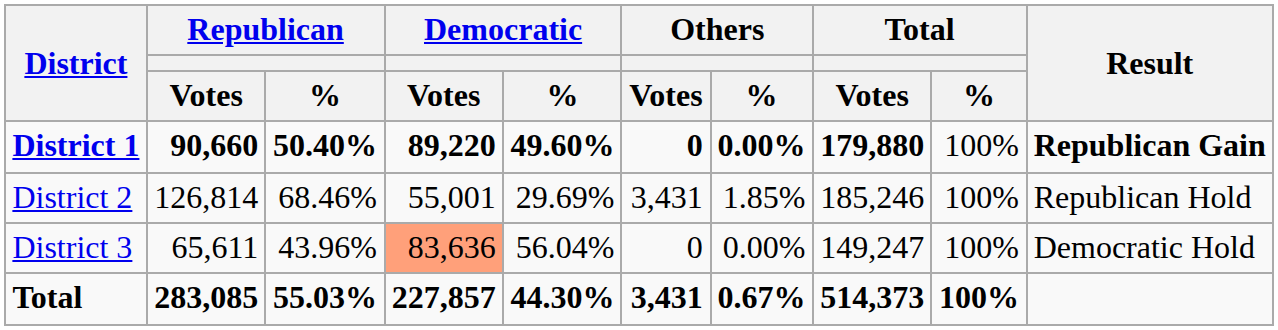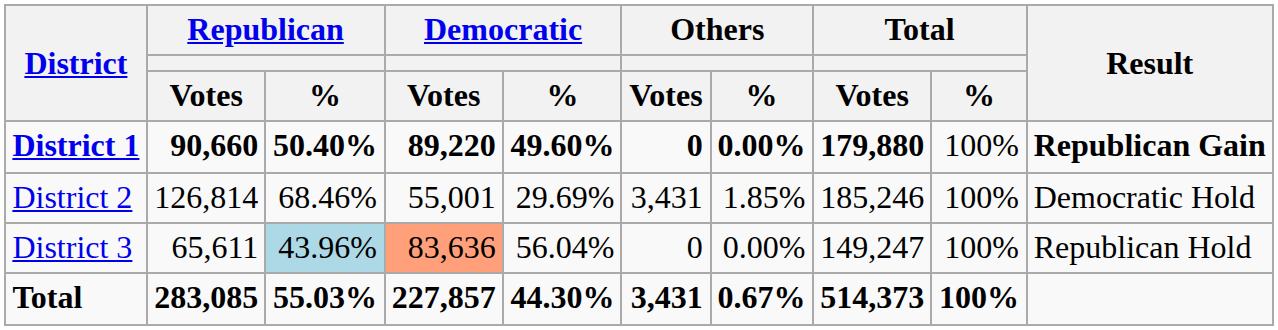 <table class="wikitable plainrowheaders sortable" style="font-size:100%; text-align:right;">
 <tr>
 <th scope=col rowspan=3><a href='#'>District</a></th>
 <th scope=col colspan=2><a href='#'>Republican</a></th>
 <th scope=col colspan=2><a href='#'>Democratic</a></th>
 <th scope=col colspan=2>Others</th>
 <th scope=col colspan=2>Total</th>
 <th scope=col rowspan=3>Result</th>
 </tr>
 <tr>
 <th scope=col colspan=2 style="background:"></th>
 <th scope=col colspan=2 style="background:"></th>
 <th scope=col colspan=2></th>
 <th scope=col colspan=2></th>
 </tr>
 <tr>
 <th scope=col data-sort-type="number">Votes</th>
 <th scope=col data-sort-type="number">%</th>
 <th scope=col data-sort-type="number">Votes</th>
 <th scope=col data-sort-type="number">%</th>
 <th scope=col data-sort-type="number">Votes</th>
 <th scope=col data-sort-type="number">%</th>
 <th scope=col data-sort-type="number">Votes</th>
 <th scope=col data-sort-type="number">%</th>
 </tr>
 <tr>
 <td align=left><strong><a href='#'>District 1</a></strong></td>
 <td><strong>90,660</strong></td>
 <td><strong>50.40%</strong></td>
 <td><strong>89,220</strong></td>
 <td><strong>49.60%</strong></td>
 <td><strong>0</strong></td>
 <td><strong>0.00%</strong></td>
 <td><strong>179,880</strong></td>
 <td>100%</td>
 <td align=left><strong>Republican Gain</strong></td>
 </tr>
 <tr>
 <td align=left><a href='#'>District 2</a></td>
 <td>126,814</td>
 <td>68.46%</td>
 <td>55,001</td>
 <td>29.69%</td>
 <td>3,431</td>
 <td>1.85%</td>
 <td>185,246</td>
 <td>100%</td>
-<td align=left>Republican Hold</td>
+<td align=left>Democratic Hold</td>
 </tr>
 <tr>
 <td align=left><a href='#'>District 3</a></td>
 <td>65,611</td>
-<td>43.96%</td>
+<td style="background: lightblue;">43.96%</td>
 <td style="background: lightsalmon;">83,636</td>
 <td>56.04%</td>
 <td>0</td>
 <td>0.00%</td>
 <td>149,247</td>
 <td>100%</td>
-<td align=left>Democratic Hold</td>
+<td align=left>Republican Hold</td>
 </tr>
 <tr class="sortbottom" style="font-weight:bold">
 <td align=left>Total</td>
 <td>283,085</td>
 <td>55.03%</td>
 <td>227,857</td>
 <td>44.30%</td>
 <td>3,431</td>
 <td>0.67%</td>
 <td>514,373</td>
 <td>100%</td>
 <td></td>
 </tr>
 </table>
